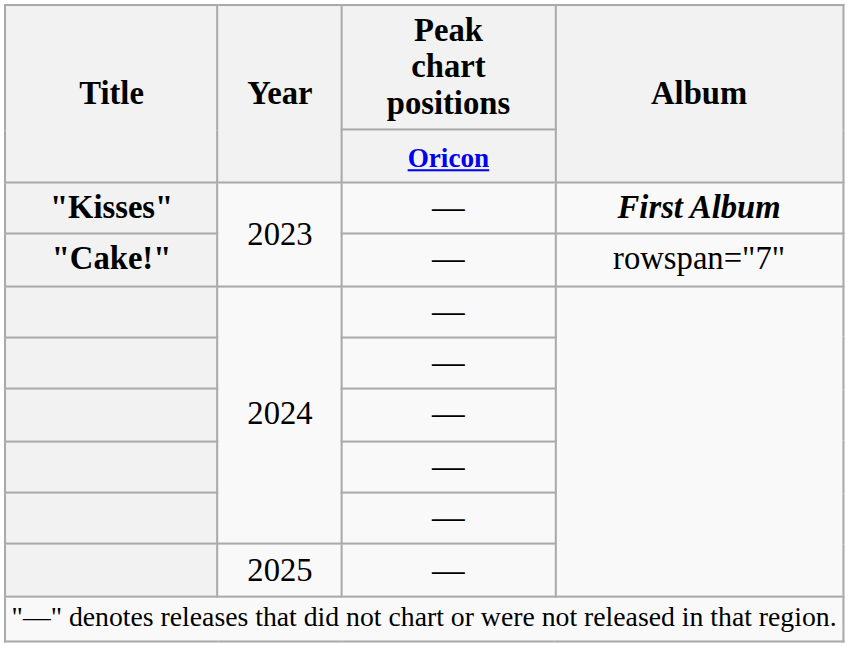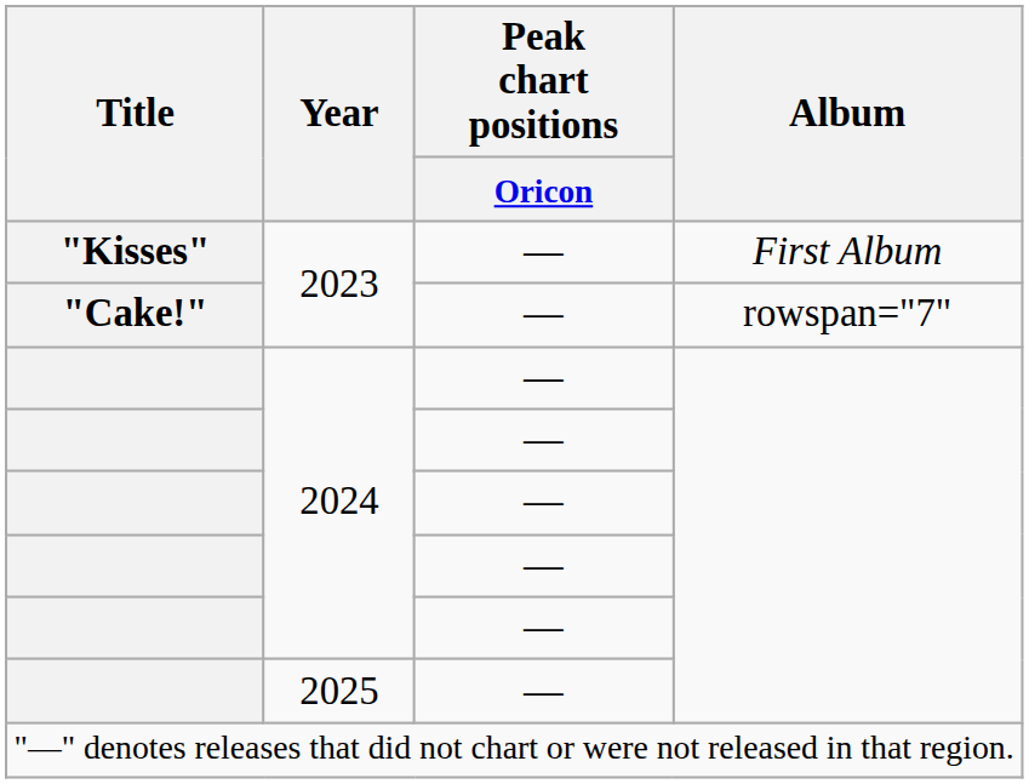 <table class="wikitable plainrowheaders" style="text-align:center;">
 <tr>
 <th scope="col" rowspan="2">Title</th>
 <th scope="col" rowspan="2">Year</th>
 <th scope="col" colspan="1">Peak <br> chart <br> positions</th>
 <th scope="col" rowspan="2">Album</th>
 </tr>
 <tr>
 <th scope="col" colspan="1"><small><a href='#'>Oricon</a></small></th>
 </tr>
 <tr>
 <th scope="row">"Kisses"</th>
 <td rowspan="2">2023</td>
 <td>—</td>
-<td><strong><em>First Album</em></strong></td>
+<td><em>First Album</em></td>
 </tr>
 <tr>
 <th scope="row">"Cake!"</th>
 <td>—</td>
 <td>rowspan="7" </td>
 </tr>
 <tr>
 <th scope="row"></th>
 <td rowspan="5">2024</td>
 <td>—</td>
 </tr>
 <tr>
 <th scope="row"></th>
 <td>—</td>
 </tr>
 <tr>
 <th scope="row"></th>
 <td>—</td>
 </tr>
 <tr>
 <th scope="row"></th>
 <td>—</td>
 </tr>
 <tr>
 <th scope="row"></th>
 <td>—</td>
 </tr>
 <tr>
 <th scope="row"></th>
 <td>2025</td>
 <td>—</td>
 </tr>
 <tr>
 <td colspan="4" style="font-size:85%">"—" denotes releases that did not chart or were not released in that region.</td>
 </tr>
 </table>
